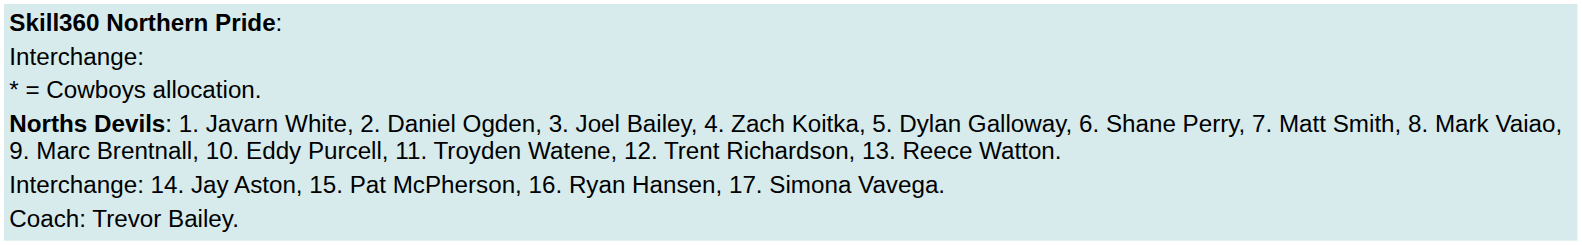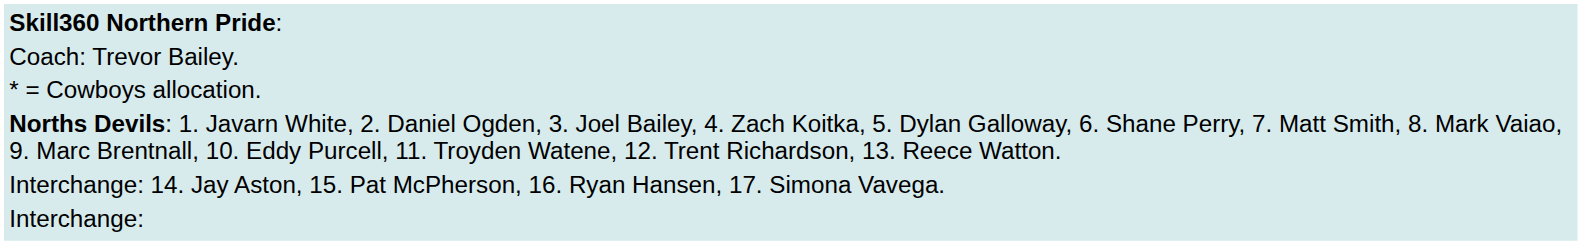 <table style="background:#d7ebed; font-size:85%; width:100%;">
 <tr>
 <td><strong>Skill360 Northern Pride</strong>:             </td>
 </tr>
 <tr>
-<td>Interchange:   </td>
+<td>Coach: Trevor Bailey.</td>
 </tr>
 <tr>
 <td>* = Cowboys allocation.</td>
 </tr>
 <tr>
 <td><strong>Norths Devils</strong>: 1. Javarn White, 2. Daniel Ogden, 3. Joel Bailey, 4. Zach Koitka, 5. Dylan Galloway, 6. Shane Perry, 7. Matt Smith, 8. Mark Vaiao, 9. Marc Brentnall, 10. Eddy Purcell, 11. Troyden Watene, 12. Trent Richardson, 13. Reece Watton.</td>
 </tr>
 <tr>
 <td>Interchange: 14. Jay Aston, 15. Pat McPherson, 16. Ryan Hansen, 17. Simona Vavega.</td>
 </tr>
 <tr>
-<td>Coach: Trevor Bailey.</td>
+<td>Interchange:   </td>
 </tr>
 <tr>
 </tr>
 </table>
